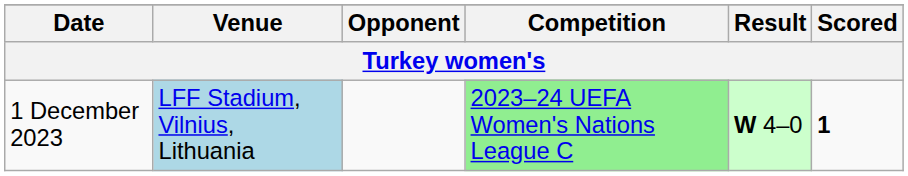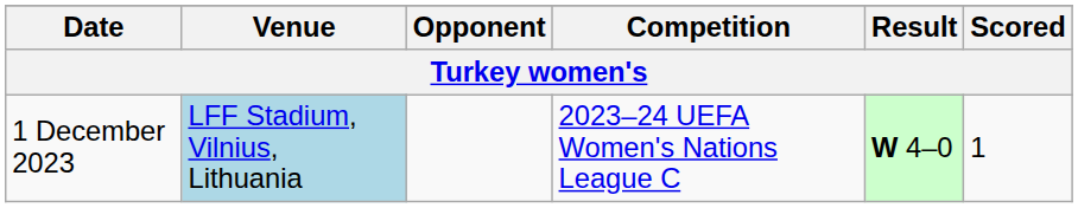 <table class=wikitable>
 <tr>
 </tr>
 <tr>
 <th>Date</th>
 <th>Venue</th>
 <th>Opponent</th>
 <th>Competition</th>
 <th>Result</th>
 <th>Scored</th>
 </tr>
 <tr>
 <th colspan=6><a href='#'>Turkey women's</a></th>
 </tr>
 <tr>
 <td>1 December 2023</td>
 <td style="background: lightblue;"><a href='#'>LFF Stadium</a>, <a href='#'>Vilnius</a>, Lithuania</td>
 <td></td>
-<td style="background: lightgreen;"><a href='#'>2023–24 UEFA Women's Nations League C</a></td>
+<td><a href='#'>2023–24 UEFA Women's Nations League C</a></td>
 <td bgcolor=#cfc><strong>W</strong> 4–0</td>
-<td><strong>1</strong></td>
+<td>1</td>
 </tr>
 </table>
